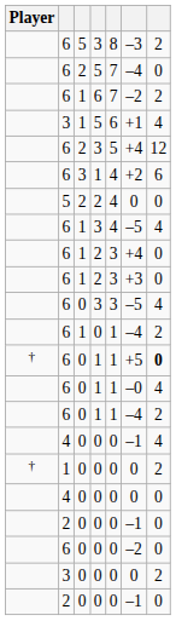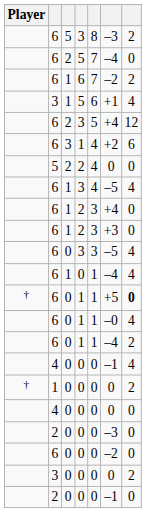 <table class="wikitable sortable" style="text-align:center;">
 <tr>
 <th>Player</th>
 <th></th>
 <th></th>
 <th></th>
 <th></th>
 <th data-sort-type="number"></th>
 <th></th>
 </tr>
 <tr>
 <td></td>
 <td>6</td>
 <td>5</td>
 <td>3</td>
 <td>8</td>
 <td>–3</td>
 <td>2</td>
 </tr>
 <tr>
 <td></td>
 <td>6</td>
 <td>2</td>
 <td>5</td>
 <td>7</td>
 <td>–4</td>
 <td>0</td>
 </tr>
 <tr>
 <td></td>
 <td>6</td>
 <td>1</td>
 <td>6</td>
 <td>7</td>
 <td>–2</td>
 <td>2</td>
 </tr>
 <tr>
 <td></td>
 <td>3</td>
 <td>1</td>
 <td>5</td>
 <td>6</td>
 <td>+1</td>
 <td>4</td>
 </tr>
 <tr>
 <td></td>
 <td>6</td>
 <td>2</td>
 <td>3</td>
 <td>5</td>
 <td>+4</td>
 <td>12</td>
 </tr>
 <tr>
 <td></td>
 <td>6</td>
 <td>3</td>
 <td>1</td>
 <td>4</td>
 <td>+2</td>
 <td>6</td>
 </tr>
 <tr>
 <td></td>
 <td>5</td>
 <td>2</td>
 <td>2</td>
 <td>4</td>
 <td>0</td>
 <td>0</td>
 </tr>
 <tr>
 <td></td>
 <td>6</td>
 <td>1</td>
 <td>3</td>
 <td>4</td>
 <td>–5</td>
 <td>4</td>
 </tr>
 <tr>
 <td></td>
 <td>6</td>
 <td>1</td>
 <td>2</td>
 <td>3</td>
 <td>+4</td>
 <td>0</td>
 </tr>
 <tr>
 <td></td>
 <td>6</td>
 <td>1</td>
 <td>2</td>
 <td>3</td>
 <td>+3</td>
 <td>0</td>
 </tr>
 <tr>
 <td></td>
 <td>6</td>
 <td>0</td>
 <td>3</td>
 <td>3</td>
 <td>–5</td>
 <td>4</td>
 </tr>
 <tr>
 <td></td>
 <td>6</td>
 <td>1</td>
 <td>0</td>
 <td>1</td>
 <td>–4</td>
-<td>2</td>
+<td>4</td>
 </tr>
 <tr>
 <td><sup>†</sup></td>
 <td>6</td>
 <td>0</td>
 <td>1</td>
 <td>1</td>
 <td>+5</td>
 <td><strong>0</strong></td>
 </tr>
 <tr>
 <td></td>
 <td>6</td>
 <td>0</td>
 <td>1</td>
 <td>1</td>
 <td>–0</td>
 <td>4</td>
 </tr>
 <tr>
 <td></td>
 <td>6</td>
 <td>0</td>
 <td>1</td>
 <td>1</td>
 <td>–4</td>
 <td>2</td>
 </tr>
 <tr>
 <td></td>
 <td>4</td>
 <td>0</td>
 <td>0</td>
 <td>0</td>
 <td>–1</td>
 <td>4</td>
 </tr>
 <tr>
 <td><sup>†</sup></td>
 <td>1</td>
 <td>0</td>
 <td>0</td>
 <td>0</td>
 <td>0</td>
 <td>2</td>
 </tr>
 <tr>
 <td></td>
 <td>4</td>
 <td>0</td>
 <td>0</td>
 <td>0</td>
 <td>0</td>
 <td>0</td>
 </tr>
 <tr>
 <td></td>
 <td>2</td>
 <td>0</td>
 <td>0</td>
 <td>0</td>
-<td>–1</td>
+<td>–3</td>
 <td>0</td>
 </tr>
 <tr>
 <td></td>
 <td>6</td>
 <td>0</td>
 <td>0</td>
 <td>0</td>
 <td>–2</td>
 <td>0</td>
 </tr>
 <tr>
 <td></td>
 <td>3</td>
 <td>0</td>
 <td>0</td>
 <td>0</td>
 <td>0</td>
 <td>2</td>
 </tr>
 <tr>
 <td></td>
 <td>2</td>
 <td>0</td>
 <td>0</td>
 <td>0</td>
 <td>–1</td>
 <td>0</td>
 </tr>
 </table>
